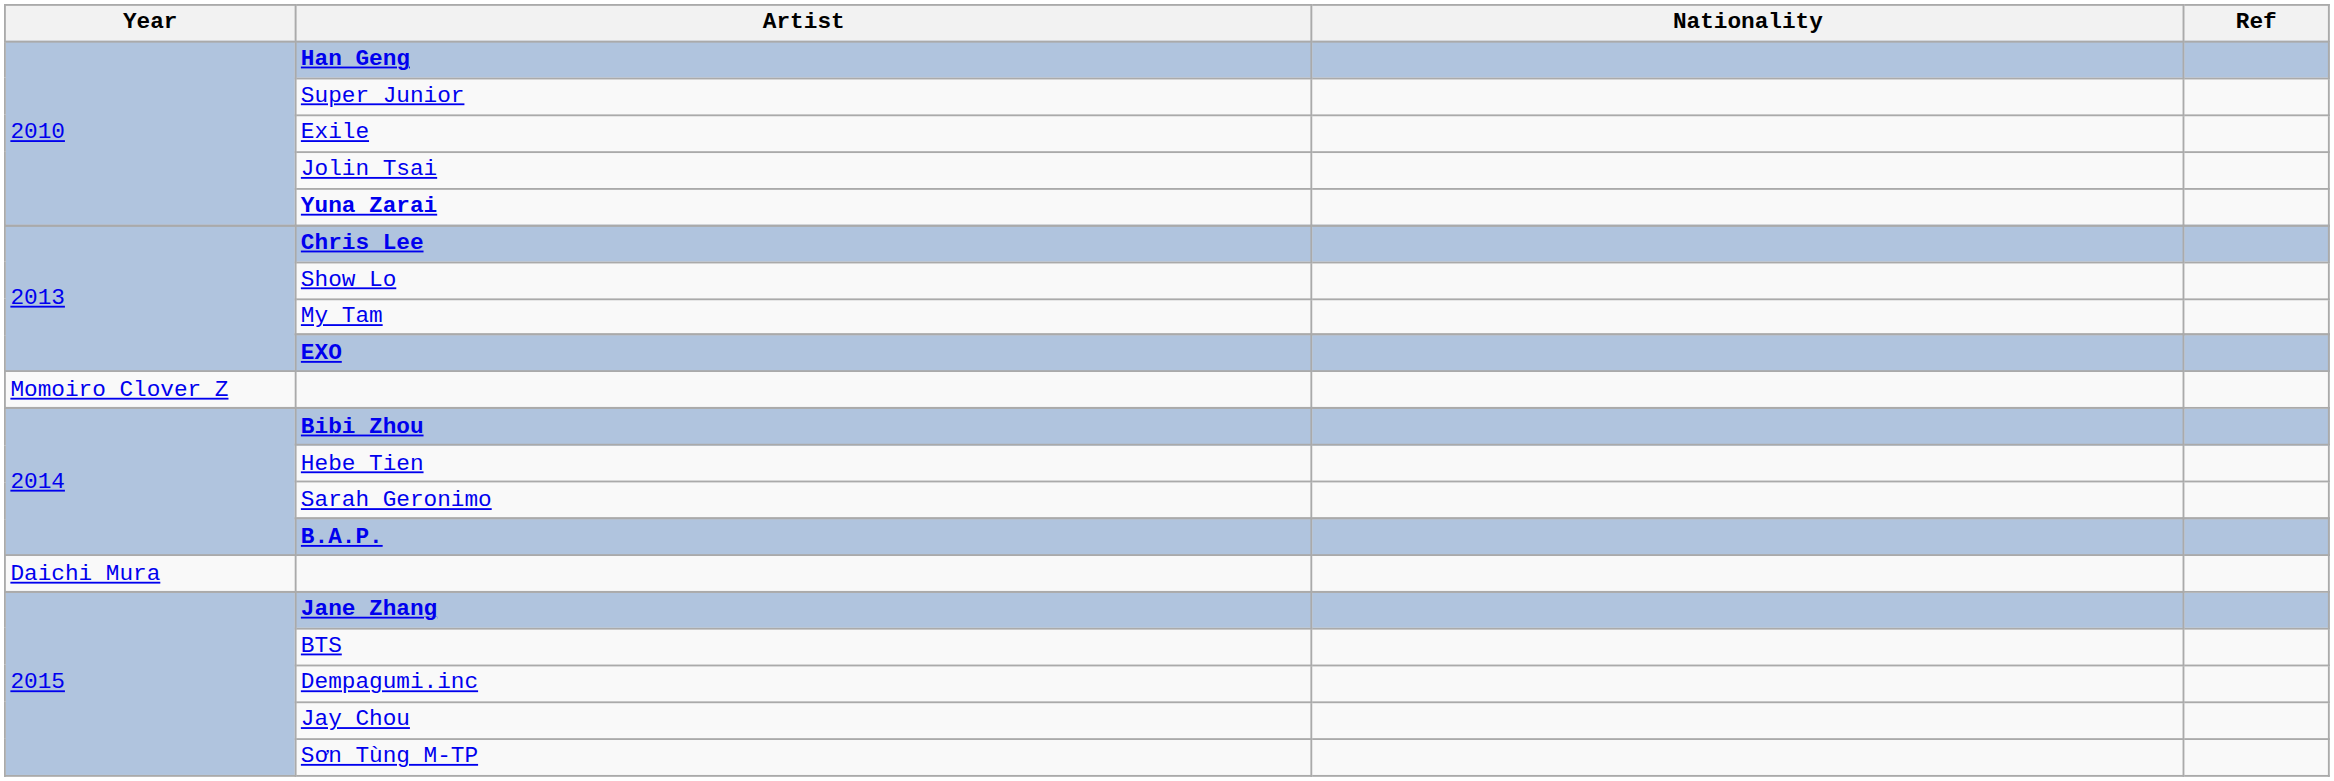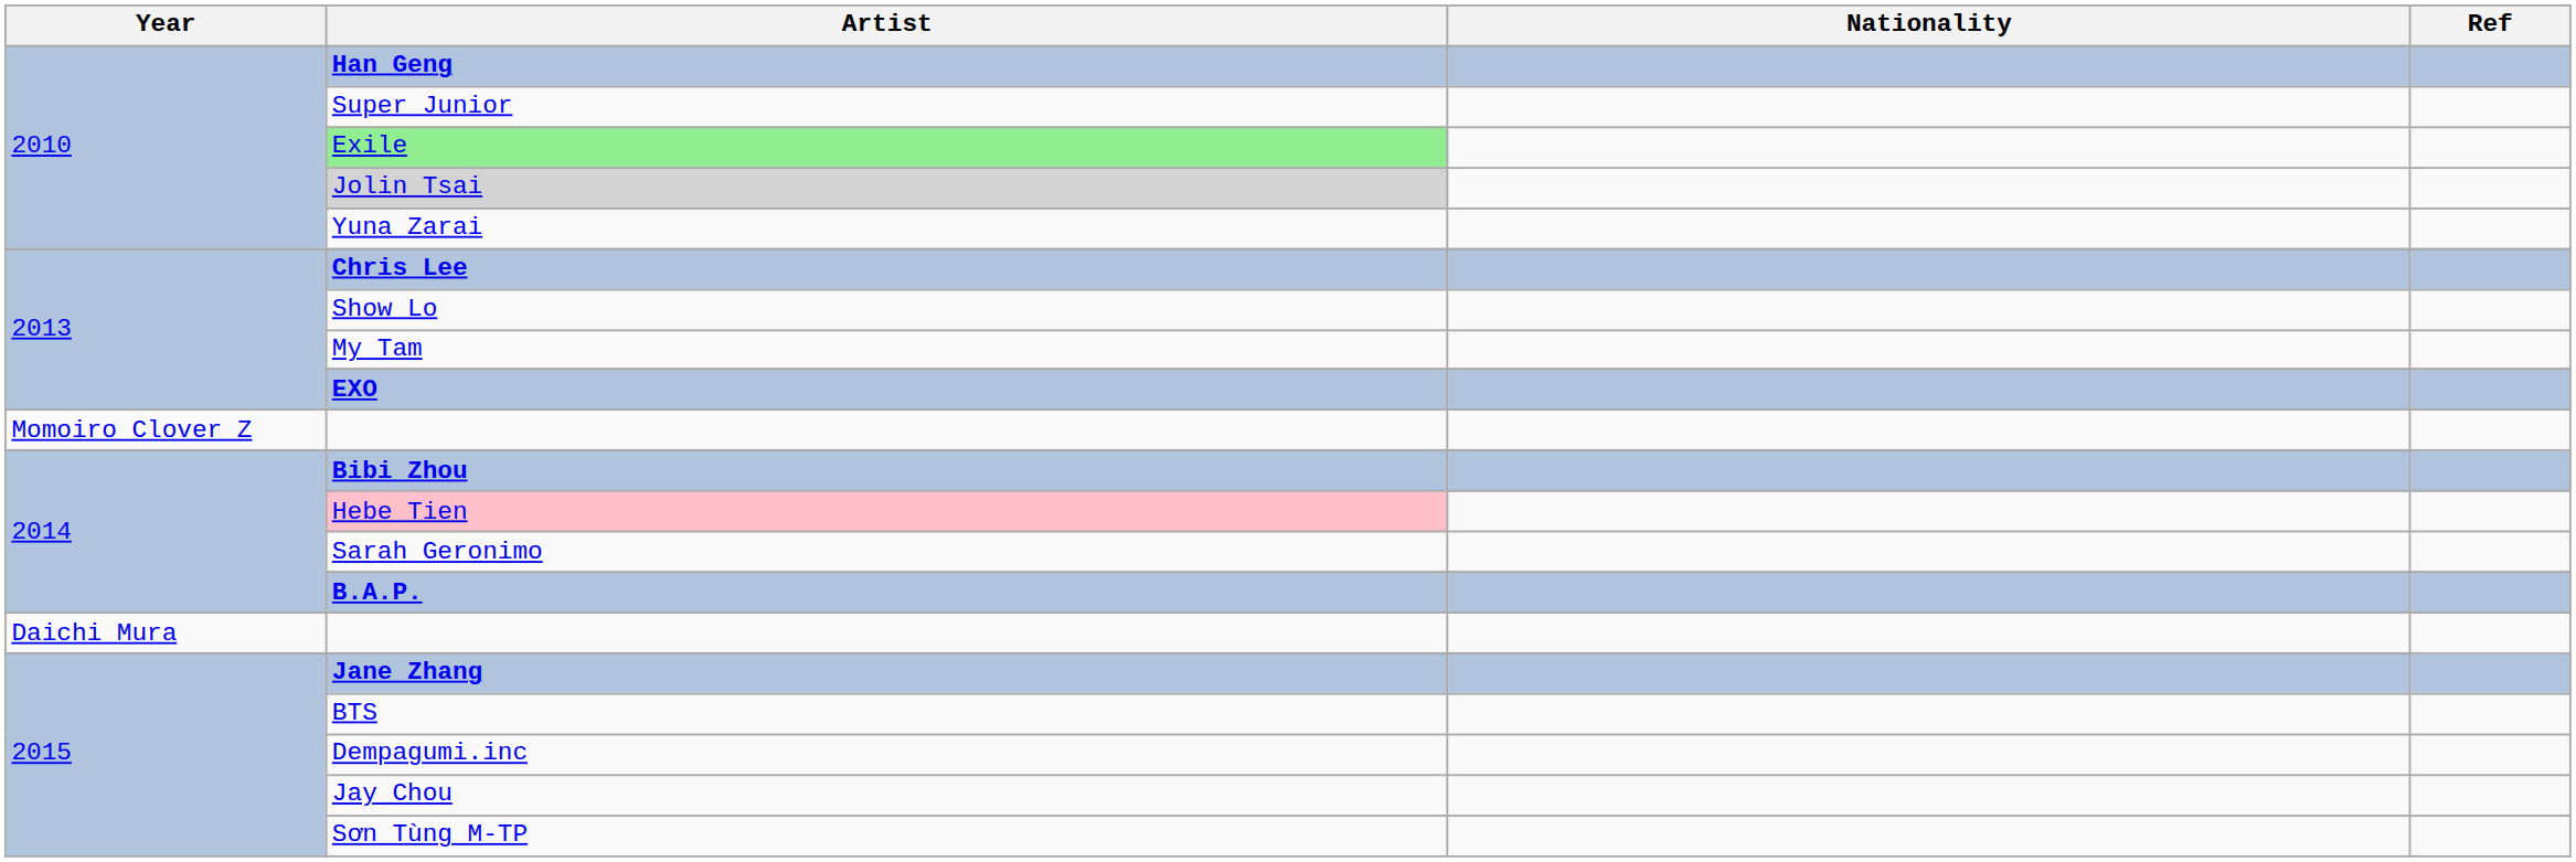 <table class="wikitable sortable plainrowheaders" style="font-size:95%; width:100%;">
 <tr style="background:#bebebe;">
 <th style="width:10%;">Year</th>
 <th style="width:35%;">Artist</th>
 <th style="width:30%;">Nationality</th>
 <th style="width:5%;">Ref</th>
 </tr>
 <tr style="background:#B0C4DE">
 <td rowspan="5"><a href='#'>2010</a></td>
 <td><strong><a href='#'>Han Geng</a></strong></td>
 <td></td>
 <td></td>
 </tr>
 <tr>
 <td><a href='#'>Super Junior</a></td>
 <td></td>
 <td></td>
 </tr>
 <tr>
-<td><a href='#'>Exile</a></td>
+<td style="background: lightgreen;"><a href='#'>Exile</a></td>
 <td></td>
 <td></td>
 </tr>
 <tr>
-<td><a href='#'>Jolin Tsai</a></td>
+<td style="background: lightgrey;"><a href='#'>Jolin Tsai</a></td>
 <td></td>
 <td></td>
 </tr>
 <tr>
-<td><strong><a href='#'>Yuna Zarai</a></strong></td>
+<td><a href='#'>Yuna Zarai</a></td>
 <td></td>
 <td></td>
 </tr>
 <tr>
 </tr>
 <tr style="background:#B0C4DE">
 <td rowspan="5"><a href='#'>2013</a></td>
 <td><strong><a href='#'>Chris Lee</a></strong></td>
 <td></td>
 <td></td>
 </tr>
 <tr>
 <td><a href='#'>Show Lo</a></td>
 <td></td>
 <td></td>
 </tr>
 <tr>
 <td><a href='#'>My Tam</a></td>
 <td></td>
 <td></td>
 </tr>
 <tr>
 </tr>
 <tr style="background:#B0C4DE">
 <td><strong><a href='#'>EXO</a></strong></td>
 <td></td>
 <td></td>
 </tr>
 <tr>
 <td><a href='#'>Momoiro Clover Z</a></td>
 <td></td>
 <td></td>
 </tr>
 <tr>
 </tr>
 <tr style="background:#B0C4DE">
 <td rowspan="5"><a href='#'>2014</a></td>
 <td><strong><a href='#'>Bibi Zhou</a></strong></td>
 <td></td>
 <td></td>
 </tr>
 <tr>
-<td><a href='#'>Hebe Tien</a></td>
+<td style="background: pink;"><a href='#'>Hebe Tien</a></td>
 <td></td>
 <td></td>
 </tr>
 <tr>
 <td><a href='#'>Sarah Geronimo</a></td>
 <td></td>
 <td></td>
 </tr>
 <tr>
 </tr>
 <tr style="background:#B0C4DE">
 <td><strong><a href='#'>B.A.P.</a></strong></td>
 <td></td>
 <td></td>
 </tr>
 <tr>
 <td><a href='#'>Daichi Mura</a></td>
 <td></td>
 <td></td>
 </tr>
 <tr>
 </tr>
 <tr style="background:#B0C4DE">
 <td rowspan="5"><a href='#'>2015</a></td>
 <td><strong><a href='#'>Jane Zhang</a></strong></td>
 <td></td>
 <td></td>
 </tr>
 <tr>
 <td><a href='#'>BTS</a></td>
 <td></td>
 <td></td>
 </tr>
 <tr>
 <td><a href='#'>Dempagumi.inc</a></td>
 <td></td>
 <td></td>
 </tr>
 <tr>
 <td><a href='#'>Jay Chou</a></td>
 <td></td>
 <td></td>
 </tr>
 <tr>
 <td><a href='#'>Sơn Tùng M-TP</a></td>
 <td></td>
 <td></td>
 </tr>
 </table>
